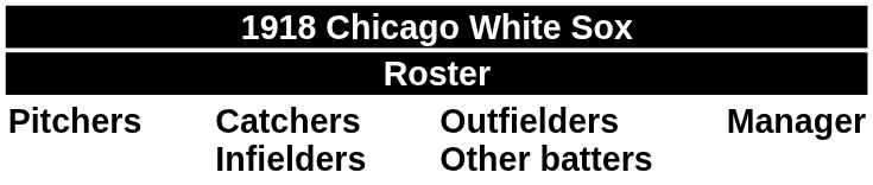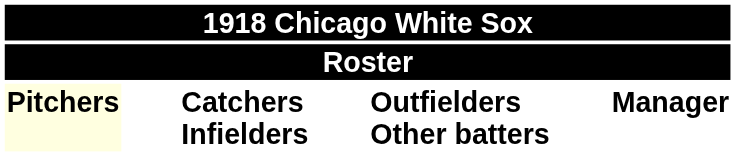 <table class="toccolours" style="font-size: 95%;">
 <tr>
 <th colspan="10" style="background-color: black; color: white; text-align: center;">1918 Chicago White Sox</th>
 </tr>
 <tr>
 <td colspan="10" style="background-color: black; color: white; text-align: center;"><strong>Roster</strong></td>
 </tr>
 <tr>
-<td valign="top"><strong>Pitchers</strong><br>          </td>
+<td valign="top" style="background: lightyellow;"><strong>Pitchers</strong><br>          </td>
 <td width="25px"></td>
 <td valign="top"><strong>Catchers</strong><br>    <strong>Infielders</strong>        </td>
 <td width="25px"></td>
 <td valign="top"><strong>Outfielders</strong><br>      <strong>Other batters</strong>  </td>
 <td width="25px"></td>
 <td valign="top"><strong>Manager</strong><br></td>
 </tr>
 </table>
